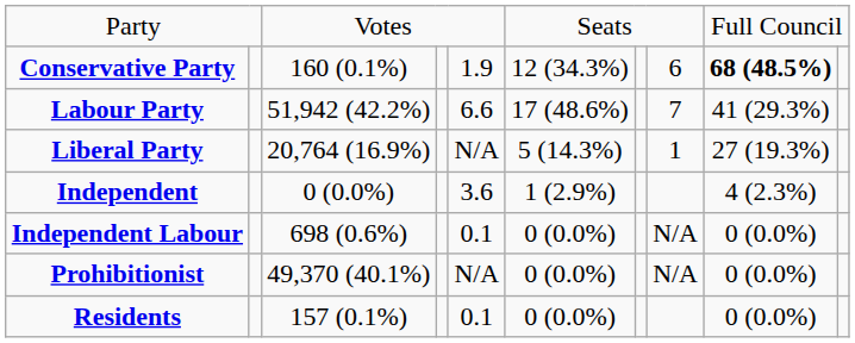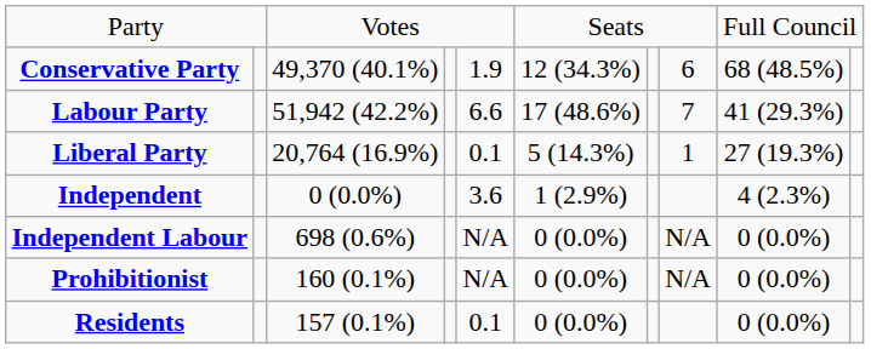 <table class=wikitable style="text-align:center;">
 <tr>
 <td colspan=2>Party</td>
 <td colspan=3>Votes</td>
 <td colspan=3>Seats</td>
 <td colspan=3>Full Council</td>
 </tr>
 <tr>
 <td><strong><a href='#'>Conservative Party</a></strong></td>
 <td style="background:"></td>
-<td>160 (0.1%)</td>
+<td>49,370 (40.1%)</td>
 <td></td>
 <td> 1.9</td>
 <td>12 (34.3%)</td>
 <td></td>
 <td> 6</td>
-<td><strong>68 (48.5%)</strong></td>
+<td>68 (48.5%)</td>
 <td></td>
 </tr>
 <tr>
 <td><strong><a href='#'>Labour Party</a></strong></td>
 <td style="background:"></td>
 <td>51,942 (42.2%)</td>
 <td></td>
 <td> 6.6</td>
 <td>17 (48.6%)</td>
 <td></td>
 <td> 7</td>
 <td>41 (29.3%)</td>
 <td></td>
 </tr>
 <tr>
 <td><strong><a href='#'>Liberal Party</a></strong></td>
 <td style="background:"></td>
 <td>20,764 (16.9%)</td>
 <td></td>
-<td>N/A</td>
+<td> 0.1</td>
 <td>5 (14.3%)</td>
 <td></td>
 <td> 1</td>
 <td>27 (19.3%)</td>
 <td></td>
 </tr>
 <tr>
 <td><strong><a href='#'>Independent</a></strong></td>
 <td style="background:"></td>
 <td>0 (0.0%)</td>
 <td></td>
 <td> 3.6</td>
 <td>1 (2.9%)</td>
 <td></td>
 <td></td>
 <td>4 (2.3%)</td>
 <td></td>
 </tr>
 <tr>
 <td><strong><a href='#'>Independent Labour</a></strong></td>
 <td style="background:"></td>
 <td>698 (0.6%)</td>
 <td></td>
-<td> 0.1</td>
+<td>N/A</td>
 <td>0 (0.0%)</td>
 <td></td>
 <td>N/A</td>
 <td>0 (0.0%)</td>
 <td></td>
 </tr>
 <tr>
 <td><strong><a href='#'>Prohibitionist</a></strong></td>
 <td style="background:"></td>
-<td>49,370 (40.1%)</td>
+<td>160 (0.1%)</td>
 <td></td>
 <td>N/A</td>
 <td>0 (0.0%)</td>
 <td></td>
 <td>N/A</td>
 <td>0 (0.0%)</td>
 <td></td>
 </tr>
 <tr>
 <td><strong><a href='#'>Residents</a></strong></td>
 <td style="background:"></td>
 <td>157 (0.1%)</td>
 <td></td>
 <td> 0.1</td>
 <td>0 (0.0%)</td>
 <td></td>
 <td></td>
 <td>0 (0.0%)</td>
 <td></td>
 </tr>
 </table>
